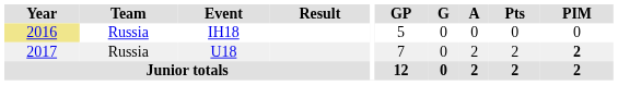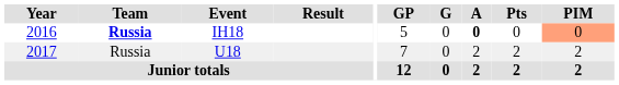 <table border="0" cellpadding="1" cellspacing="0" id="Table3" style="text-align:center; width:40em">
 <tr bgcolor="#e0e0e0">
 <th>Year</th>
 <th>Team</th>
 <th>Event</th>
 <th>Result</th>
 <th rowspan="99" bgcolor="#ffffff"></th>
 <th>GP</th>
 <th>G</th>
 <th>A</th>
 <th>Pts</th>
 <th>PIM</th>
 </tr>
 <tr>
-<td style="background: khaki;"><a href='#'>2016</a></td>
-<td><a href='#'>Russia</a></td>
+<td><a href='#'>2016</a></td>
+<td><strong><a href='#'>Russia</a></strong></td>
 <td><a href='#'>IH18</a></td>
 <td></td>
 <td>5</td>
 <td>0</td>
+<td><strong>0</strong></td>
 <td>0</td>
-<td>0</td>
-<td>0</td>
+<td style="background: lightsalmon;">0</td>
 </tr>
 <tr bgcolor="#f0f0f0">
 <td><a href='#'>2017</a></td>
 <td>Russia</td>
 <td><a href='#'>U18</a></td>
 <td></td>
 <td>7</td>
 <td>0</td>
 <td>2</td>
 <td>2</td>
-<td><strong>2</strong></td>
+<td>2</td>
 </tr>
 <tr bgcolor="#e0e0e0">
 <th colspan="4">Junior totals</th>
 <th>12</th>
 <th>0</th>
 <th>2</th>
 <th>2</th>
 <th>2</th>
 </tr>
 </table>
